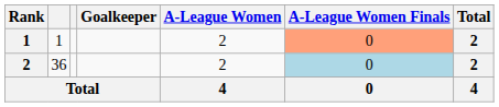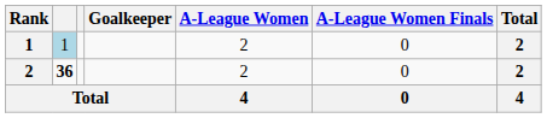 <table class="wikitable" style="text-align:center">
 <tr>
 <th>Rank</th>
 <th></th>
 <th></th>
 <th>Goalkeeper</th>
 <th><a href='#'>A-League Women</a></th>
 <th><a href='#'>A-League Women Finals</a></th>
 <th>Total</th>
 </tr>
 <tr>
 <th>1</th>
-<td>1</td>
+<td style="background: lightblue;">1</td>
 <td></td>
 <td align="left"></td>
 <td>2</td>
-<td style="background: lightsalmon;">0</td>
+<td>0</td>
 <th>2</th>
 </tr>
 <tr>
 <th>2</th>
-<td>36</td>
+<td><strong>36</strong></td>
 <td></td>
 <td align="left"></td>
 <td>2</td>
-<td style="background: lightblue;">0</td>
+<td>0</td>
 <th>2</th>
 </tr>
 <tr>
 <th colspan="4">Total</th>
 <th>4</th>
 <th>0</th>
 <th>4</th>
 </tr>
 </table>
